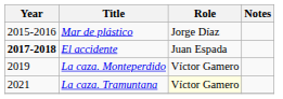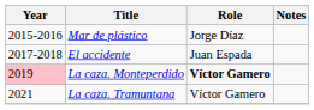 <table class="wikitable sortable">
 <tr>
 <th>Year</th>
 <th>Title</th>
 <th>Role</th>
 <th class="unsortable">Notes</th>
 </tr>
 <tr>
 <td>2015-2016</td>
 <td><em><a href='#'>Mar de plástico</a></em></td>
 <td>Jorge Díaz</td>
 <td></td>
 </tr>
 <tr>
-<td><strong>2017-2018</strong></td>
+<td>2017-2018</td>
 <td><em><a href='#'>El accidente</a></em></td>
 <td>Juan Espada</td>
 <td></td>
 </tr>
 <tr>
-<td>2019</td>
+<td style="background: pink;">2019</td>
 <td><em><a href='#'>La caza. Monteperdido</a></em></td>
-<td>Víctor Gamero</td>
+<td><strong>Víctor Gamero</strong></td>
 <td align = "center"></td>
 </tr>
 <tr>
 <td>2021</td>
 <td><em><a href='#'>La caza. Tramuntana</a></em></td>
-<td style="background: lightyellow;">Víctor Gamero</td>
+<td>Víctor Gamero</td>
 <td align = "center"></td>
 </tr>
 <tr>
 </tr>
 </table>
